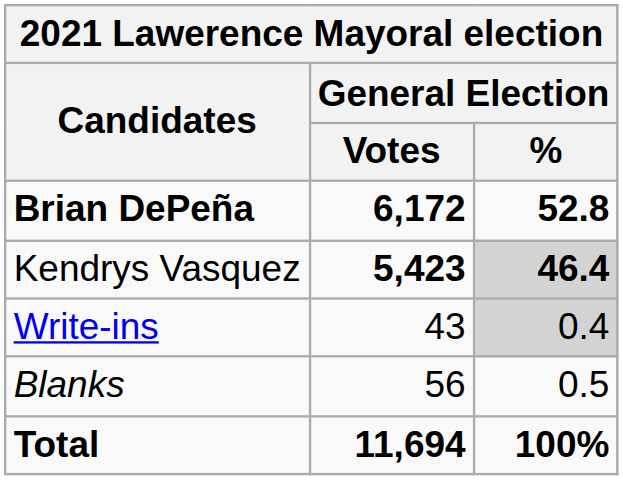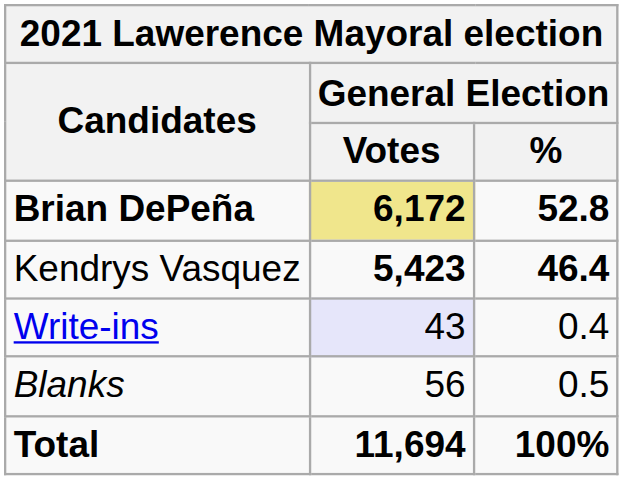 <table class=wikitable>
 <tr>
 <th colspan=5>2021 Lawerence Mayoral election</th>
 </tr>
 <tr>
 <th colspan=1 rowspan=2><strong>Candidates</strong></th>
 <th colspan=2><strong>General Election</strong></th>
 </tr>
 <tr>
 <th>Votes</th>
 <th>%</th>
 </tr>
 <tr>
 <td><strong>Brian DePeña</strong></td>
-<td align="right"><strong>6,172</strong></td>
+<td align="right" style="background: khaki;"><strong>6,172</strong></td>
 <td align="right"><strong>52.8</strong></td>
 </tr>
 <tr>
 <td>Kendrys Vasquez</td>
 <td align="right"><strong>5,423</strong></td>
-<td align="right" style="background: lightgrey;"><strong>46.4</strong></td>
+<td align="right"><strong>46.4</strong></td>
 </tr>
 <tr>
 <td><a href='#'>Write-ins</a></td>
-<td align="right">43</td>
-<td align="right" style="background: lightgrey;">0.4</td>
+<td align="right" style="background: lavender;">43</td>
+<td align="right">0.4</td>
 </tr>
 <tr>
 <td><em>Blanks</em></td>
 <td align="right">56</td>
 <td align="right">0.5</td>
 </tr>
 <tr>
 <td><strong>Total</strong></td>
 <td align="right"><strong>11,694</strong></td>
 <td align="right"><strong>100%</strong></td>
 </tr>
 </table>
